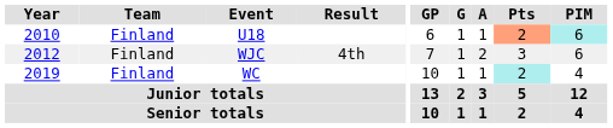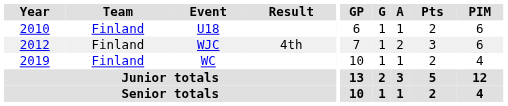 <table border="0" cellpadding="1" cellspacing="0" ID="Table3" style="text-align:center; width:40em">
 <tr ALIGN="center" bgcolor="#e0e0e0">
 <th>Year</th>
 <th>Team</th>
 <th>Event</th>
 <th>Result</th>
 <th rowspan="99" bgcolor="#ffffff"></th>
 <th>GP</th>
 <th>G</th>
 <th>A</th>
 <th>Pts</th>
 <th>PIM</th>
 </tr>
 <tr>
 <td><a href='#'>2010</a></td>
 <td><a href='#'>Finland</a></td>
 <td><a href='#'>U18</a></td>
 <td></td>
 <td>6</td>
 <td>1</td>
 <td>1</td>
-<td style="background: lightsalmon;">2</td>
-<td style="background: paleturquoise;">6</td>
+<td>2</td>
+<td>6</td>
 </tr>
 <tr bgcolor="#f0f0f0">
 <td><a href='#'>2012</a></td>
 <td>Finland</td>
 <td><a href='#'>WJC</a></td>
 <td>4th</td>
 <td>7</td>
 <td>1</td>
 <td>2</td>
 <td>3</td>
 <td>6</td>
 </tr>
 <tr>
 <td><a href='#'>2019</a></td>
 <td><a href='#'>Finland</a></td>
 <td><a href='#'>WC</a></td>
 <td></td>
 <td>10</td>
 <td>1</td>
 <td>1</td>
-<td style="background: paleturquoise;">2</td>
+<td>2</td>
 <td>4</td>
 </tr>
 <tr bgcolor="#e0e0e0">
 <th colspan="4">Junior totals</th>
 <th>13</th>
 <th>2</th>
 <th>3</th>
 <th>5</th>
 <th>12</th>
 </tr>
 <tr bgcolor="#e0e0e0">
 <th colspan="4">Senior totals</th>
 <th>10</th>
 <th>1</th>
 <th>1</th>
 <th>2</th>
 <th>4</th>
 </tr>
 </table>
